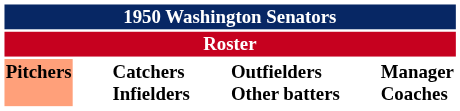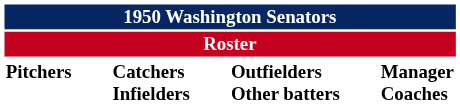 <table class="toccolours" style="font-size: 95%;">
 <tr>
 <th colspan="10" style="background:#072764; color:white; text-align:center;">1950 Washington Senators</th>
 </tr>
 <tr>
 <td colspan="10" style="background:#c6011f; color:white; text-align:center;"><strong>Roster</strong></td>
 </tr>
 <tr>
-<td valign="top" style="background: lightsalmon;"><strong>Pitchers</strong><br>                  </td>
+<td valign="top"><strong>Pitchers</strong><br>                  </td>
 <td style="width:25px;"></td>
 <td valign="top"><strong>Catchers</strong><br>    <strong>Infielders</strong>        </td>
 <td style="width:25px;"></td>
 <td valign="top"><strong>Outfielders</strong><br>         <strong>Other batters</strong> </td>
 <td style="width:25px;"></td>
 <td valign="top"><strong>Manager</strong><br> <strong>Coaches</strong>    </td>
 </tr>
 </table>
